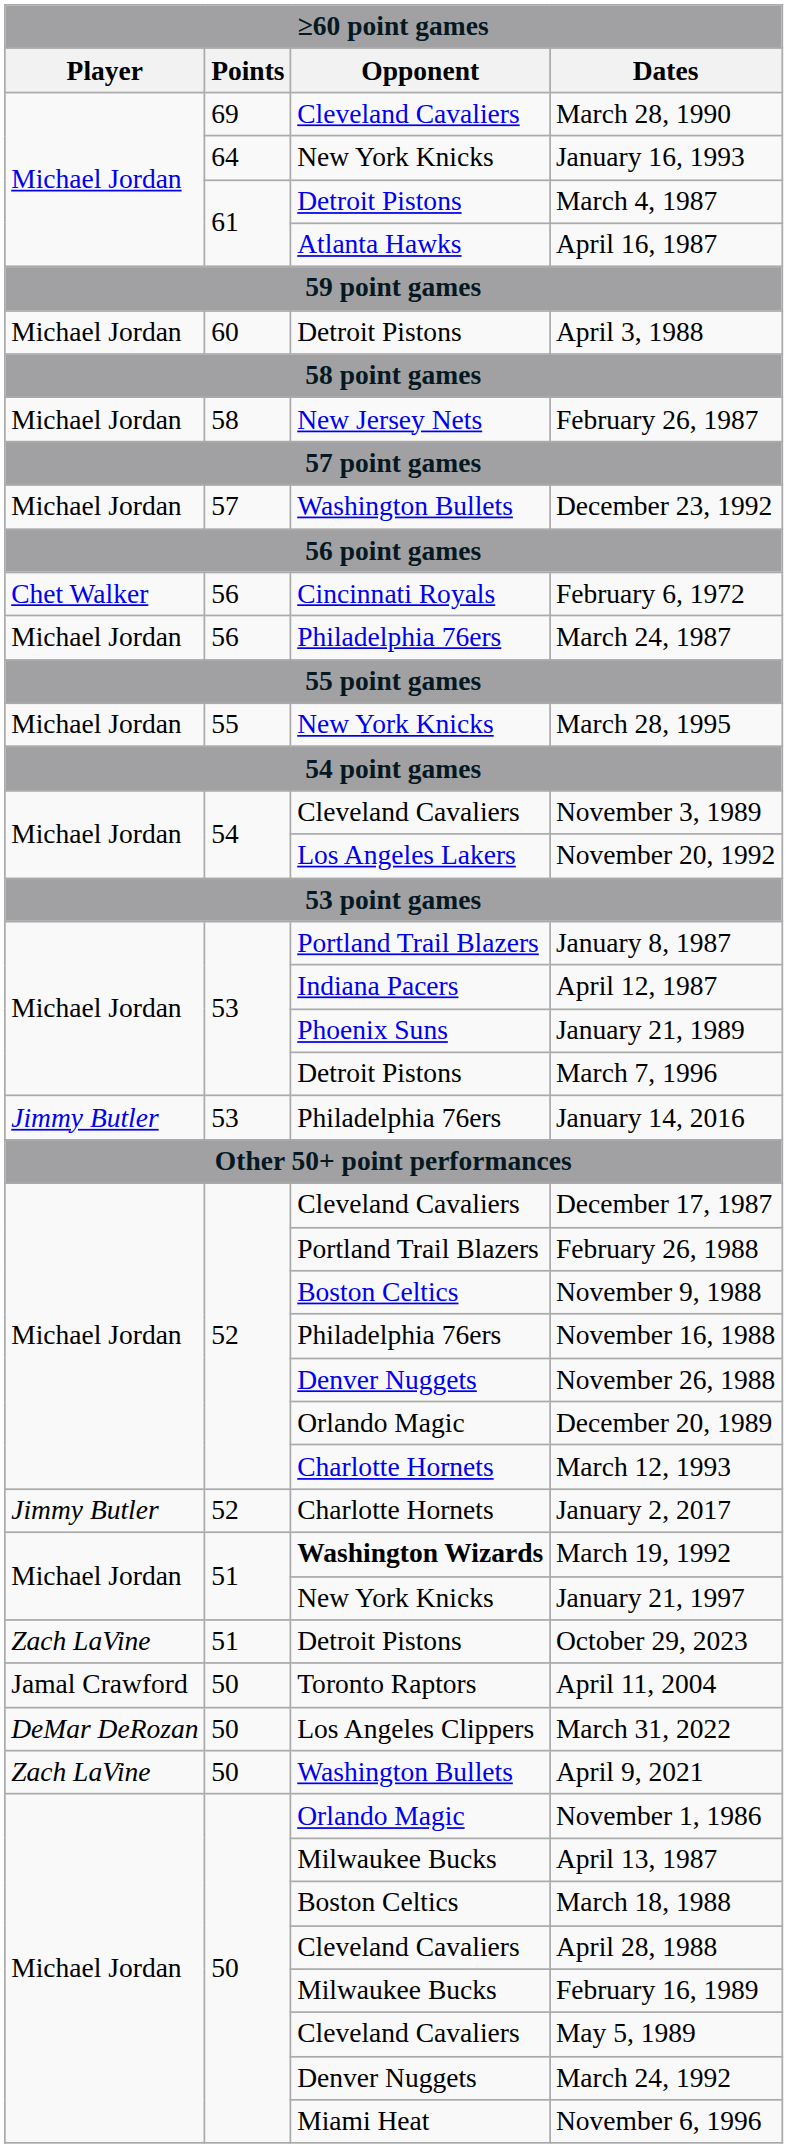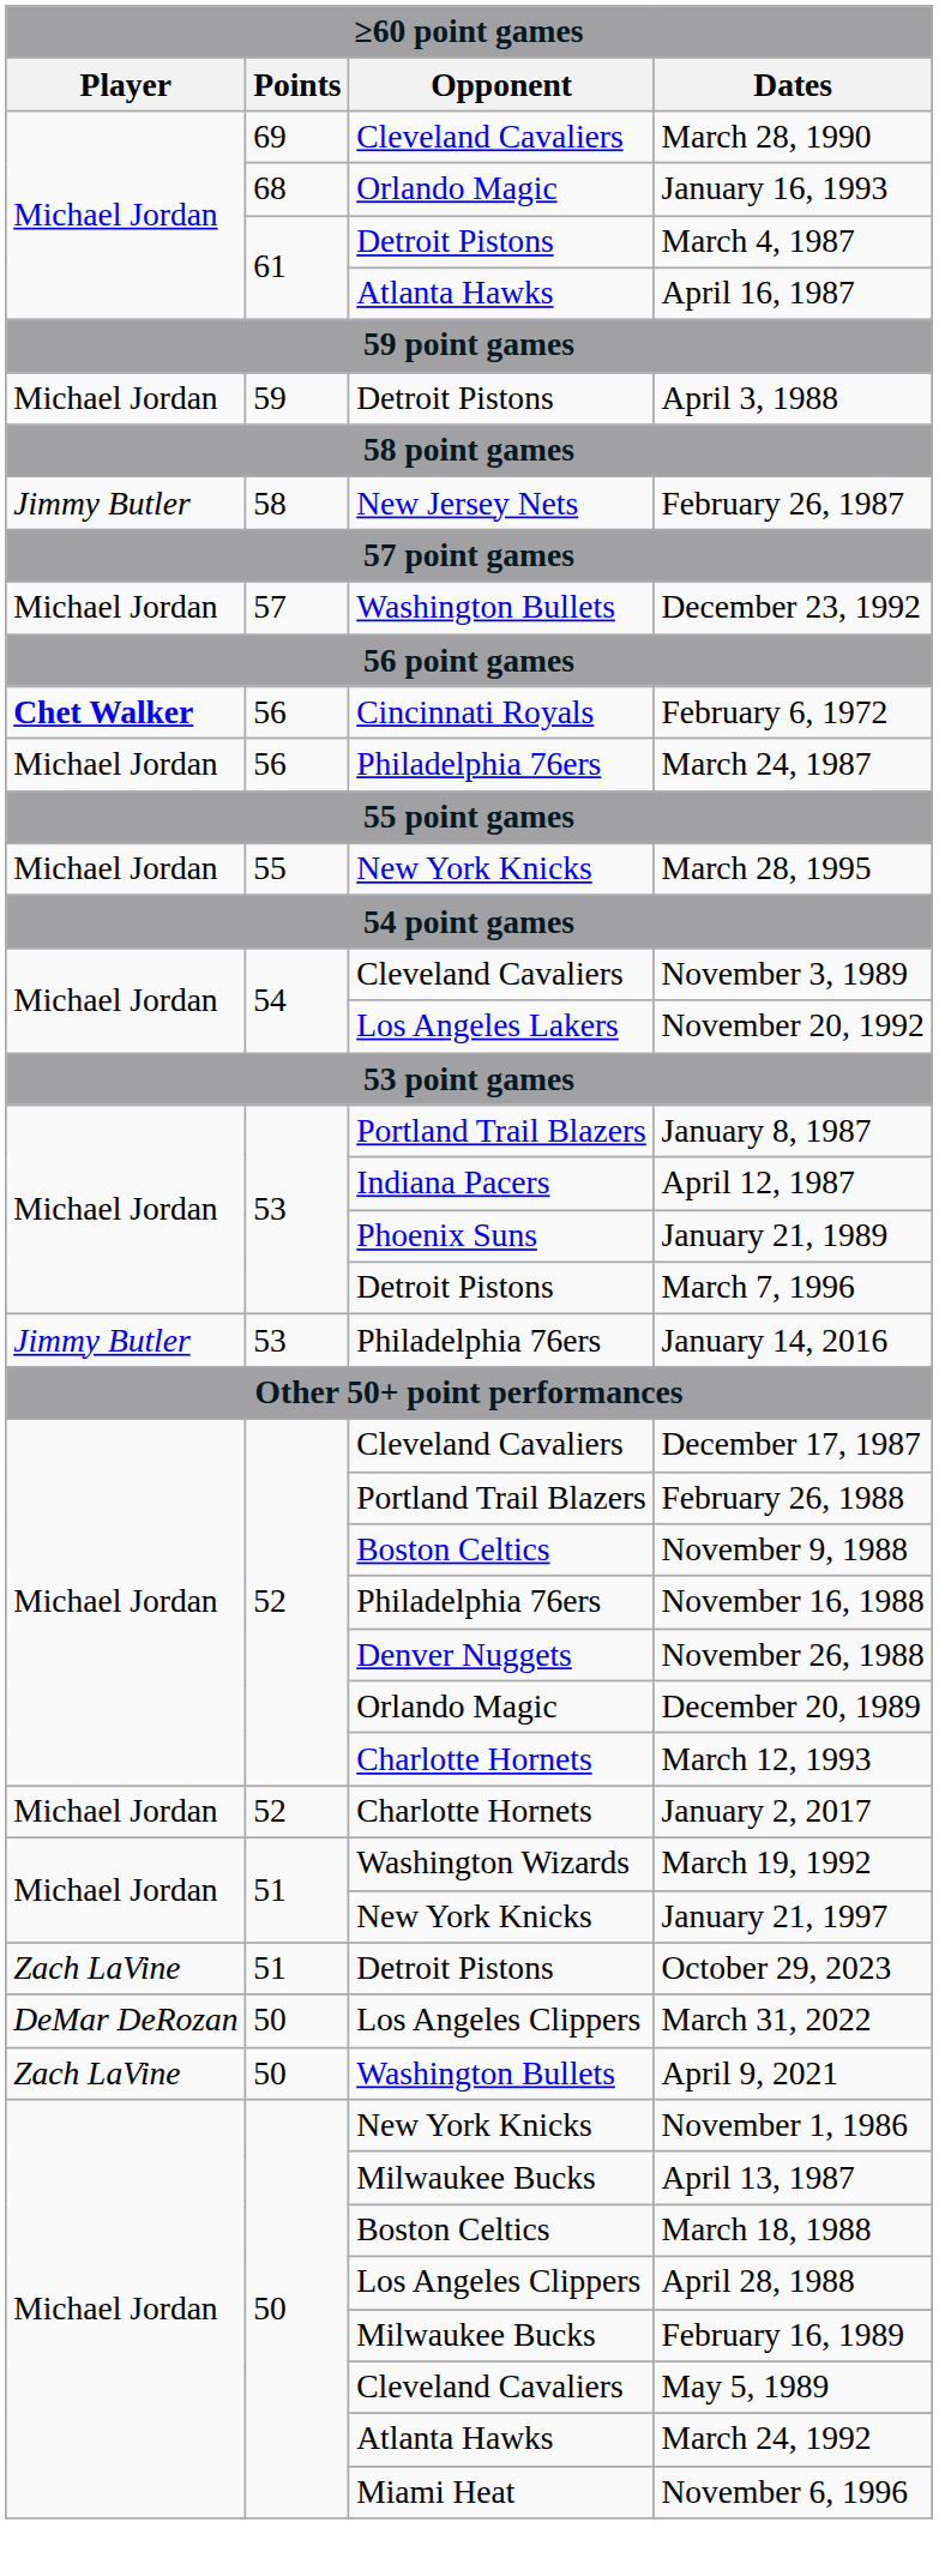 <table class="wikitable sortable">
 <tr>
 <th colspan="4" style="text-align:center; background:#A1A1A4; color:#061922;">≥60 point games</th>
 </tr>
 <tr>
 <th>Player</th>
 <th>Points</th>
 <th>Opponent</th>
 <th>Dates</th>
 </tr>
 <tr>
 <td rowspan=4><a href='#'>Michael Jordan</a></td>
 <td>69</td>
 <td><a href='#'>Cleveland Cavaliers</a></td>
 <td>March 28, 1990</td>
 </tr>
 <tr>
-<td>64</td>
-<td>New York Knicks</td>
+<td>68</td>
+<td><a href='#'>Orlando Magic</a></td>
 <td>January 16, 1993</td>
 </tr>
 <tr>
 <td rowspan=2>61</td>
 <td><a href='#'>Detroit Pistons</a></td>
 <td>March 4, 1987</td>
 </tr>
 <tr>
 <td><a href='#'>Atlanta Hawks</a></td>
 <td>April 16, 1987</td>
 </tr>
 <tr>
 <th colspan="4" style="text-align:center; background:#A1A1A4; color:#061922;">59 point games</th>
 </tr>
 <tr>
 <td>Michael Jordan</td>
-<td>60</td>
+<td>59</td>
 <td>Detroit Pistons</td>
 <td>April 3, 1988</td>
 </tr>
 <tr>
 <th colspan="4" style="text-align:center; background:#A1A1A4; color:#061922;">58 point games</th>
 </tr>
 <tr>
-<td>Michael Jordan</td>
+<td><em>Jimmy Butler</em></td>
 <td>58</td>
 <td><a href='#'>New Jersey Nets</a></td>
 <td>February 26, 1987</td>
 </tr>
 <tr>
 <th colspan="4" style="text-align:center; background:#A1A1A4; color:#061922;">57 point games</th>
 </tr>
 <tr>
 <td>Michael Jordan</td>
 <td>57</td>
 <td><a href='#'>Washington Bullets</a></td>
 <td>December 23, 1992</td>
 </tr>
 <tr>
 <th colspan="4" style="text-align:center; background:#A1A1A4; color:#061922;">56 point games</th>
 </tr>
 <tr>
-<td><a href='#'>Chet Walker</a></td>
+<td><strong><a href='#'>Chet Walker</a></strong></td>
 <td>56</td>
 <td><a href='#'>Cincinnati Royals</a></td>
 <td>February 6, 1972</td>
 </tr>
 <tr>
 <td>Michael Jordan</td>
 <td>56</td>
 <td><a href='#'>Philadelphia 76ers</a></td>
 <td>March 24, 1987</td>
 </tr>
 <tr>
 <th colspan="4" style="text-align:center; background:#A1A1A4; color:#061922;">55 point games</th>
 </tr>
 <tr>
 <td>Michael Jordan</td>
 <td>55</td>
 <td><a href='#'>New York Knicks</a></td>
 <td>March 28, 1995</td>
 </tr>
 <tr>
 <th colspan="4" style="text-align:center; background:#A1A1A4; color:#061922;">54 point games</th>
 </tr>
 <tr>
 <td rowspan=2>Michael Jordan</td>
 <td rowspan=2>54</td>
 <td>Cleveland Cavaliers</td>
 <td>November 3, 1989</td>
 </tr>
 <tr>
 <td><a href='#'>Los Angeles Lakers</a></td>
 <td>November 20, 1992</td>
 </tr>
 <tr>
 <th colspan="4" style="text-align:center; background:#A1A1A4; color:#061922;">53 point games</th>
 </tr>
 <tr>
 <td rowspan=4>Michael Jordan</td>
 <td rowspan=4>53</td>
 <td><a href='#'>Portland Trail Blazers</a></td>
 <td>January 8, 1987</td>
 </tr>
 <tr>
 <td><a href='#'>Indiana Pacers</a></td>
 <td>April 12, 1987</td>
 </tr>
 <tr>
 <td><a href='#'>Phoenix Suns</a></td>
 <td>January 21, 1989</td>
 </tr>
 <tr>
 <td>Detroit Pistons</td>
 <td>March 7, 1996</td>
 </tr>
 <tr>
 <td><em><a href='#'>Jimmy Butler</a></em></td>
 <td>53</td>
 <td>Philadelphia 76ers</td>
 <td>January 14, 2016</td>
 </tr>
 <tr>
 <th colspan="4" style="text-align:center; background:#A1A1A4; color:#061922;">Other 50+ point performances</th>
 </tr>
 <tr>
 <td rowspan=7>Michael Jordan</td>
 <td rowspan=7>52</td>
 <td>Cleveland Cavaliers</td>
 <td>December 17, 1987</td>
 </tr>
 <tr>
 <td>Portland Trail Blazers</td>
 <td>February 26, 1988</td>
 </tr>
 <tr>
 <td><a href='#'>Boston Celtics</a></td>
 <td>November 9, 1988</td>
 </tr>
 <tr>
 <td>Philadelphia 76ers</td>
 <td>November 16, 1988</td>
 </tr>
 <tr>
 <td><a href='#'>Denver Nuggets</a></td>
 <td>November 26, 1988</td>
 </tr>
 <tr>
 <td>Orlando Magic</td>
 <td>December 20, 1989</td>
 </tr>
 <tr>
 <td><a href='#'>Charlotte Hornets</a></td>
 <td>March 12, 1993</td>
 </tr>
 <tr>
-<td><em>Jimmy Butler</em></td>
+<td>Michael Jordan</td>
 <td>52</td>
 <td>Charlotte Hornets</td>
 <td>January 2, 2017</td>
 </tr>
 <tr>
 <td rowspan="2">Michael Jordan</td>
 <td rowspan="2">51</td>
-<td><strong>Washington Wizards</strong></td>
+<td>Washington Wizards</td>
 <td>March 19, 1992</td>
 </tr>
 <tr>
 <td>New York Knicks</td>
 <td>January 21, 1997</td>
 </tr>
 <tr>
 <td><em>Zach LaVine</em></td>
 <td>51</td>
 <td>Detroit Pistons</td>
 <td>October 29, 2023</td>
-</tr>
-<tr>
-<td>Jamal Crawford</td>
-<td>50</td>
-<td>Toronto Raptors</td>
-<td>April 11, 2004</td>
 </tr>
 <tr>
 <td><em>DeMar DeRozan</em></td>
 <td>50</td>
 <td>Los Angeles Clippers</td>
 <td>March 31, 2022</td>
 </tr>
 <tr>
 <td><em>Zach LaVine</em></td>
 <td>50</td>
 <td><a href='#'>Washington Bullets</a></td>
 <td>April 9, 2021</td>
 </tr>
 <tr>
 <td rowspan="8">Michael Jordan</td>
 <td rowspan="8">50</td>
-<td><a href='#'>Orlando Magic</a></td>
+<td>New York Knicks</td>
 <td>November 1, 1986</td>
 </tr>
 <tr>
 <td>Milwaukee Bucks</td>
 <td>April 13, 1987</td>
 </tr>
 <tr>
 <td>Boston Celtics</td>
 <td>March 18, 1988</td>
 </tr>
 <tr>
-<td>Cleveland Cavaliers</td>
+<td>Los Angeles Clippers</td>
 <td>April 28, 1988</td>
 </tr>
 <tr>
 <td>Milwaukee Bucks</td>
 <td>February 16, 1989</td>
 </tr>
 <tr>
 <td>Cleveland Cavaliers</td>
 <td>May 5, 1989</td>
 </tr>
 <tr>
-<td>Denver Nuggets</td>
+<td>Atlanta Hawks</td>
 <td>March 24, 1992</td>
 </tr>
 <tr>
 <td>Miami Heat</td>
 <td>November 6, 1996</td>
 </tr>
 </table>
